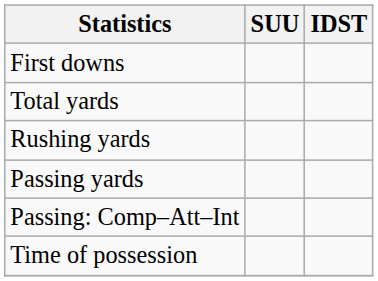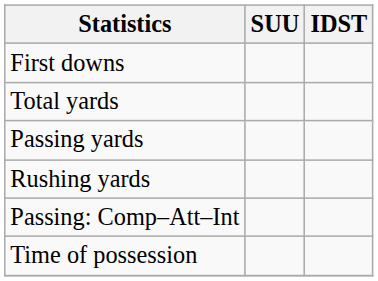 <table class="wikitable" style="float: left;">
 <tr>
 <th>Statistics</th>
 <th>SUU</th>
 <th>IDST</th>
 </tr>
 <tr>
 <td>First downs</td>
 <td></td>
 <td></td>
 </tr>
 <tr>
 <td>Total yards</td>
 <td></td>
 <td></td>
 </tr>
 <tr>
-<td>Rushing yards</td>
+<td>Passing yards</td>
 <td></td>
 <td></td>
 </tr>
 <tr>
-<td>Passing yards</td>
+<td>Rushing yards</td>
 <td></td>
 <td></td>
 </tr>
 <tr>
 <td>Passing: Comp–Att–Int</td>
 <td></td>
 <td></td>
 </tr>
 <tr>
 <td>Time of possession</td>
 <td></td>
 <td></td>
 </tr>
 <tr>
 </tr>
 </table>
